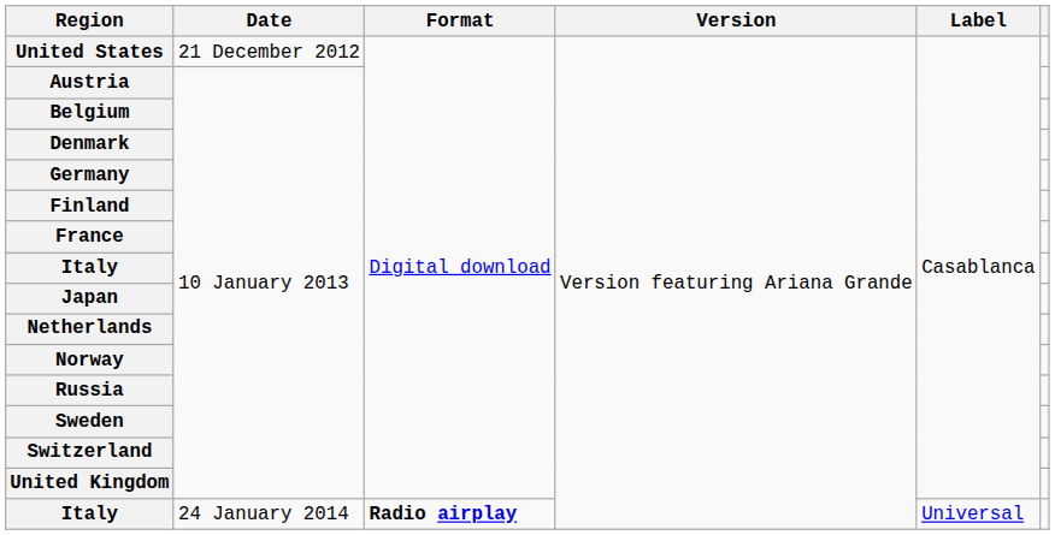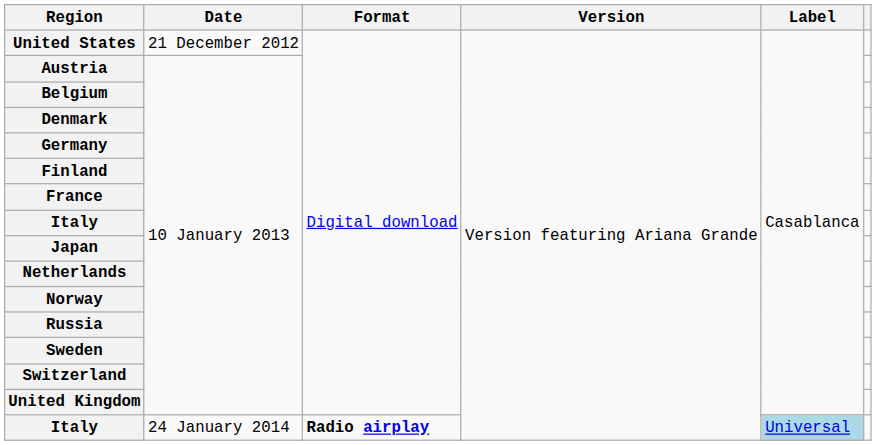 <table class="wikitable plainrowheaders">
 <tr>
 <th scope="col">Region</th>
 <th scope="col">Date</th>
 <th scope="col">Format</th>
 <th scope="col">Version</th>
 <th scope="col">Label</th>
 <th scope="col"></th>
 </tr>
 <tr>
 <th scope="row">United States</th>
 <td>21 December 2012</td>
 <td rowspan="15"><a href='#'>Digital download</a></td>
 <td rowspan="16">Version featuring Ariana Grande</td>
 <td rowspan="15">Casablanca</td>
 <td align="center"></td>
 </tr>
 <tr>
 <th scope="row">Austria</th>
 <td rowspan="14">10 January 2013</td>
 <td align="center"></td>
 </tr>
 <tr>
 <th scope="row">Belgium</th>
 <td align="center"></td>
 </tr>
 <tr>
 <th scope="row">Denmark</th>
 <td align="center"></td>
 </tr>
 <tr>
 <th scope="row">Germany</th>
 <td align="center"></td>
 </tr>
 <tr>
 <th scope="row">Finland</th>
 <td align="center"></td>
 </tr>
 <tr>
 <th scope="row">France</th>
 <td align="center"></td>
 </tr>
 <tr>
 <th scope="row">Italy</th>
 <td align="center"></td>
 </tr>
 <tr>
 <th scope="row">Japan</th>
 <td align="center"></td>
 </tr>
 <tr>
 <th scope="row">Netherlands</th>
 <td align="center"></td>
 </tr>
 <tr>
 <th scope="row">Norway</th>
 <td align="center"></td>
 </tr>
 <tr>
 <th scope="row">Russia</th>
 <td align="center"></td>
 </tr>
 <tr>
 <th scope="row">Sweden</th>
 <td align="center"></td>
 </tr>
 <tr>
 <th scope="row">Switzerland</th>
 <td align="center"></td>
 </tr>
 <tr>
 <th scope="row">United Kingdom</th>
 <td align="center"></td>
 </tr>
 <tr>
 <th scope="row">Italy</th>
 <td>24 January 2014</td>
 <td><strong>Radio <a href='#'>airplay</a></strong></td>
-<td><a href='#'>Universal</a></td>
+<td style="background: lightblue;"><a href='#'>Universal</a></td>
 <td align="center"></td>
 </tr>
 </table>
